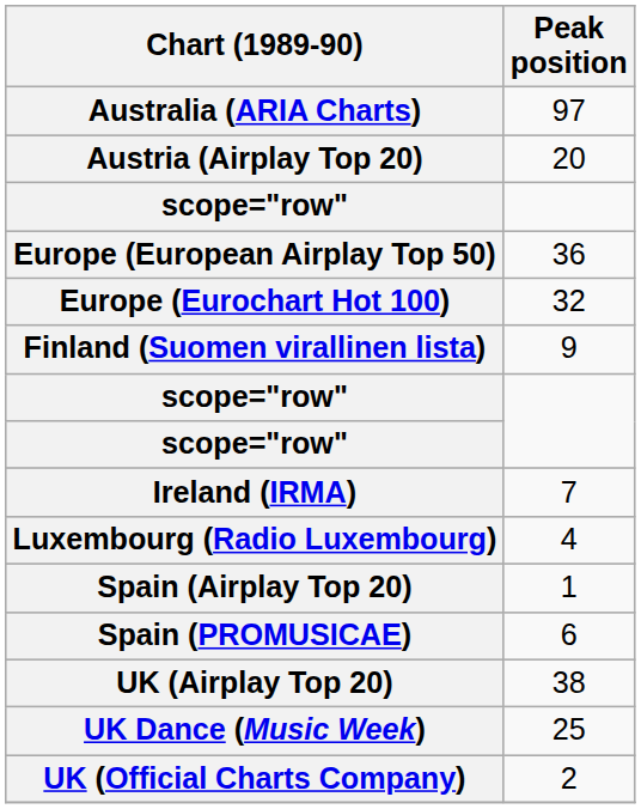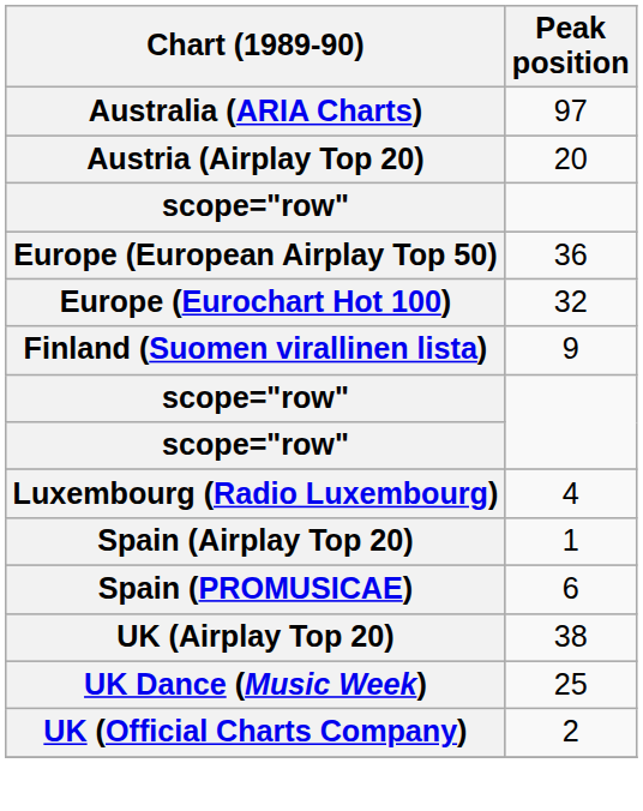 <table class="wikitable sortable plainrowheaders">
 <tr>
 <th>Chart (1989-90)</th>
 <th>Peak<br>position</th>
 </tr>
 <tr>
 <th scope="row">Australia (<a href='#'>ARIA Charts</a>)</th>
 <td align="center">97</td>
 </tr>
 <tr>
 <th scope="row">Austria (Airplay Top 20)</th>
 <td align="center">20</td>
 </tr>
 <tr>
 <th>scope="row"</th>
 </tr>
 <tr>
 <th scope="row">Europe (European Airplay Top 50)</th>
 <td align="center">36</td>
 </tr>
 <tr>
 <th scope="row">Europe (<a href='#'>Eurochart Hot 100</a>)</th>
 <td align="center">32</td>
 </tr>
 <tr>
 <th scope="row">Finland (<a href='#'>Suomen virallinen lista</a>)</th>
 <td align="center">9</td>
 </tr>
 <tr>
 <th>scope="row"</th>
 </tr>
 <tr>
 <th>scope="row"</th>
 </tr>
 <tr>
-<th scope="row">Ireland (<a href='#'>IRMA</a>)</th>
-<td align="center">7</td>
-</tr>
-<tr>
 <th scope="row">Luxembourg (<a href='#'>Radio Luxembourg</a>)</th>
 <td align="center">4</td>
 </tr>
 <tr>
 <th scope="row">Spain (Airplay Top 20)</th>
 <td align="center">1</td>
 </tr>
 <tr>
 <th scope="row">Spain (<a href='#'>PROMUSICAE</a>)</th>
 <td align="center">6</td>
 </tr>
 <tr>
 <th scope="row">UK (Airplay Top 20)</th>
 <td align="center">38</td>
 </tr>
 <tr>
 <th scope="row"><a href='#'>UK Dance</a> (<em><a href='#'>Music Week</a></em>)</th>
 <td align="center">25</td>
 </tr>
 <tr>
 <th scope="row"><a href='#'>UK</a> (<a href='#'>Official Charts Company</a>)</th>
 <td align="center">2</td>
 </tr>
 <tr>
 </tr>
 </table>
